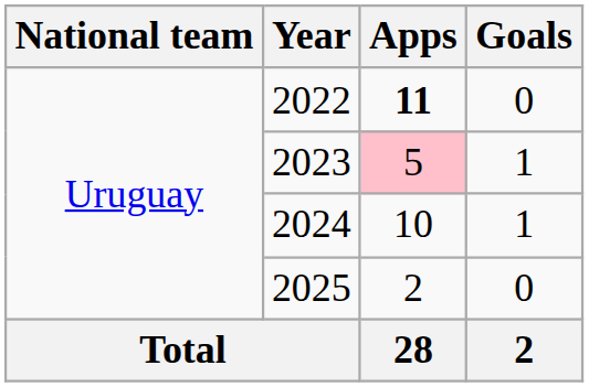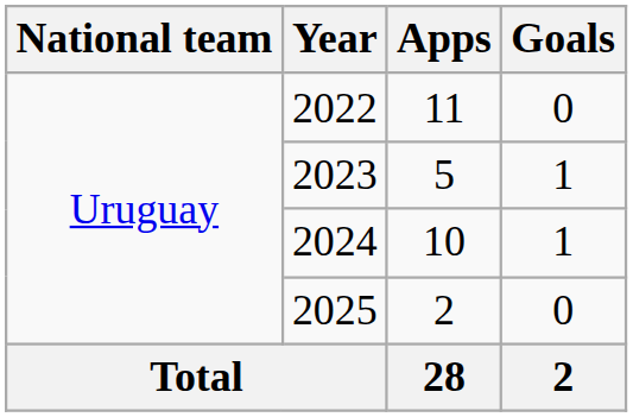 <table class="wikitable" style="text-align:center">
 <tr>
 <th>National team</th>
 <th>Year</th>
 <th>Apps</th>
 <th>Goals</th>
 </tr>
 <tr>
 <td rowspan="4"><a href='#'>Uruguay</a></td>
 <td>2022</td>
-<td><strong>11</strong></td>
+<td>11</td>
 <td>0</td>
 </tr>
 <tr>
 <td>2023</td>
-<td style="background: pink;">5</td>
+<td>5</td>
 <td>1</td>
 </tr>
 <tr>
 <td>2024</td>
 <td>10</td>
 <td>1</td>
 </tr>
 <tr>
 <td>2025</td>
 <td>2</td>
 <td>0</td>
 </tr>
 <tr>
 <th colspan="2">Total</th>
 <th>28</th>
 <th>2</th>
 </tr>
 </table>
